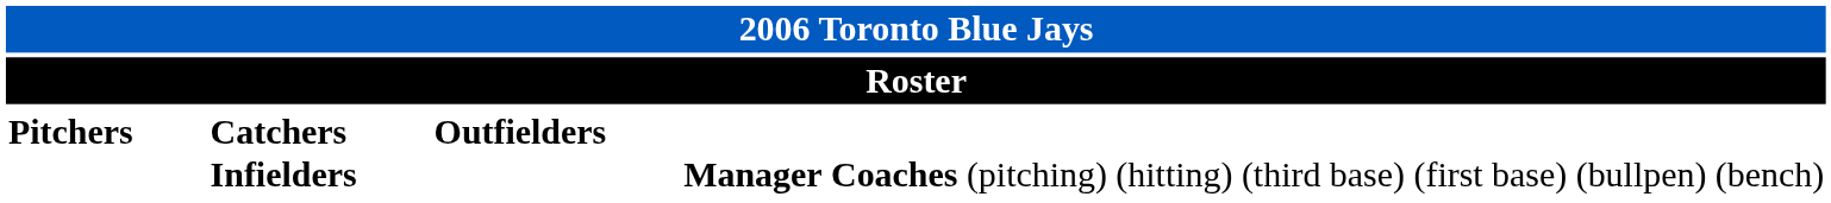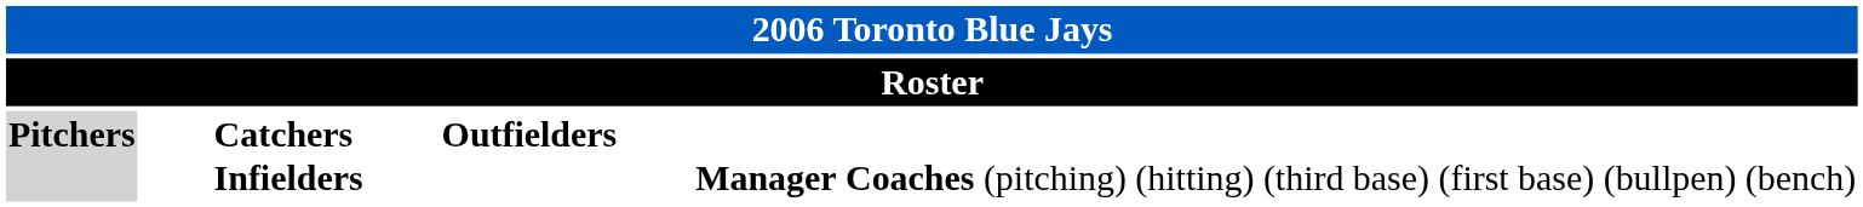 <table class="toccolours" style="font-size: 95%;">
 <tr>
 <th colspan="10" style="background-color: #005ac0; color: #FFFFFF; text-align: center;">2006 Toronto Blue Jays</th>
 </tr>
 <tr>
 <td colspan="10" style="background-color: black; color: white; text-align: center;"><strong>Roster</strong></td>
 </tr>
 <tr>
-<td valign="top"><strong>Pitchers</strong><br>                    </td>
+<td valign="top" style="background: lightgrey;"><strong>Pitchers</strong><br>                    </td>
 <td width="25px"></td>
 <td valign="top"><strong>Catchers</strong><br>   <strong>Infielders</strong>           </td>
 <td width="25px"></td>
 <td valign="top"><strong>Outfielders</strong><br>      </td>
 <td width="25px"></td>
 <td valign="top"><br><strong>Manager</strong>  <strong>Coaches</strong>  (pitching)  (hitting)  (third base)  (first base)  (bullpen)  (bench)</td>
 </tr>
 </table>
